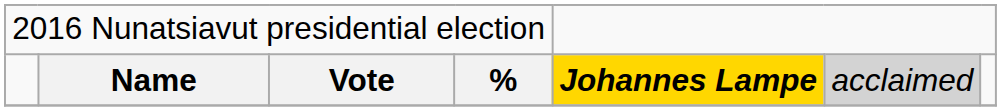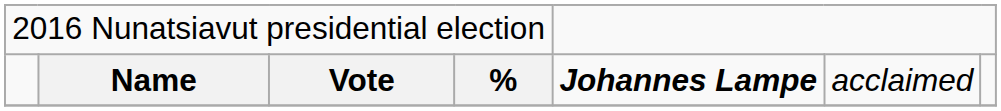 <table class="wikitable">
 <tr>
 <td colspan=4 align=center>2016 Nunatsiavut presidential election</td>
 </tr>
 <tr>
 <td></td>
 <th><strong>Name </strong></th>
 <th><strong>Vote</strong></th>
 <th><strong>%</strong><br></th>
-<td style="background: gold;"><strong><em>Johannes Lampe</em></strong></td>
-<td style="background: lightgrey;"><em>acclaimed</em></td>
+<td><strong><em>Johannes Lampe</em></strong></td>
+<td><em>acclaimed</em></td>
 <td></td>
 </tr>
 <tr>
 </tr>
 </table>
